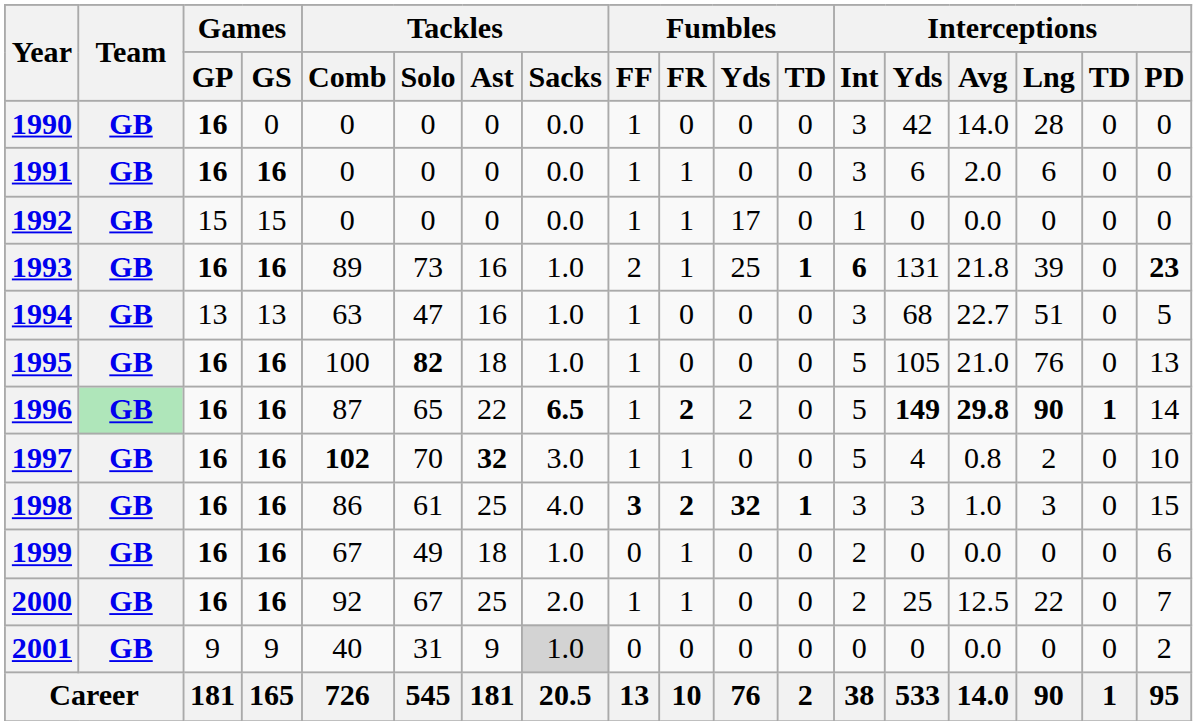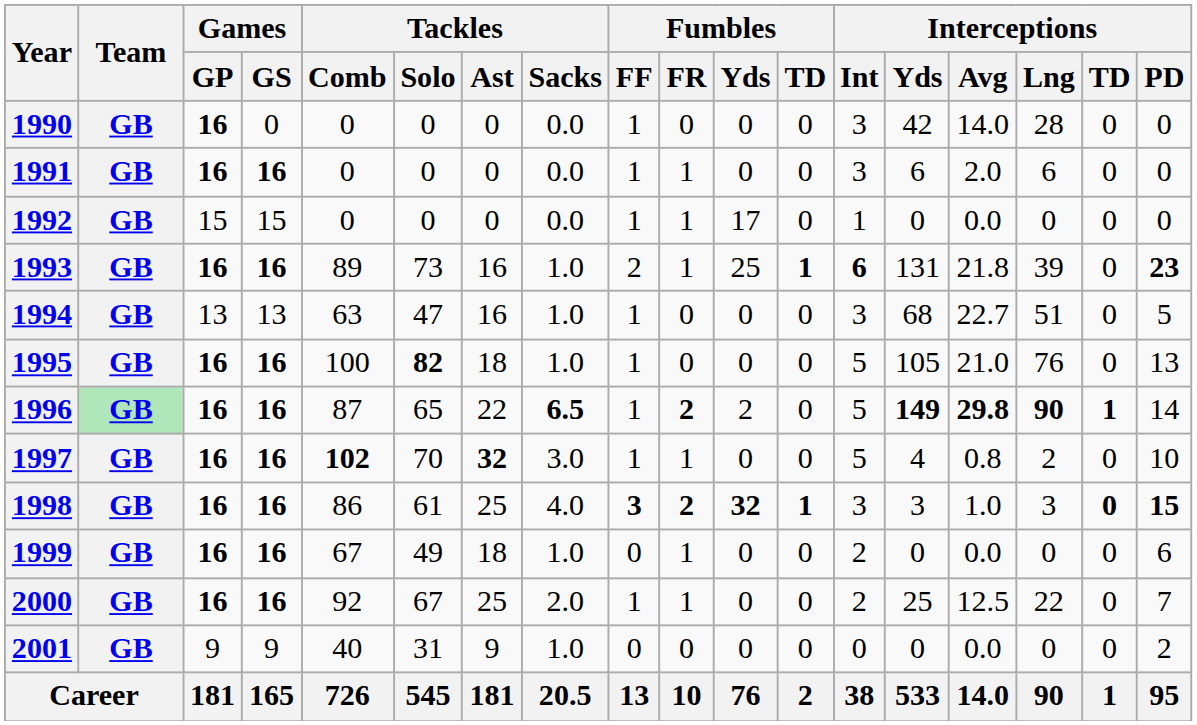 <table class="wikitable" style="text-align:center;">
 <tr>
 <th rowspan="2">Year</th>
 <th rowspan="2">Team</th>
 <th colspan="2">Games</th>
 <th colspan="4">Tackles</th>
 <th colspan="4">Fumbles</th>
 <th colspan="6">Interceptions</th>
 </tr>
 <tr>
 <th>GP</th>
 <th>GS</th>
 <th>Comb</th>
 <th>Solo</th>
 <th>Ast</th>
 <th>Sacks</th>
 <th>FF</th>
 <th>FR</th>
 <th>Yds</th>
 <th>TD</th>
 <th>Int</th>
 <th>Yds</th>
 <th>Avg</th>
 <th>Lng</th>
 <th>TD</th>
 <th>PD</th>
 </tr>
 <tr>
 <th><a href='#'>1990</a></th>
 <th><a href='#'>GB</a></th>
 <td><strong>16</strong></td>
 <td>0</td>
 <td>0</td>
 <td>0</td>
 <td>0</td>
 <td>0.0</td>
 <td>1</td>
 <td>0</td>
 <td>0</td>
 <td>0</td>
 <td>3</td>
 <td>42</td>
 <td>14.0</td>
 <td>28</td>
 <td>0</td>
 <td>0</td>
 </tr>
 <tr>
 <th><a href='#'>1991</a></th>
 <th><a href='#'>GB</a></th>
 <td><strong>16</strong></td>
 <td><strong>16</strong></td>
 <td>0</td>
 <td>0</td>
 <td>0</td>
 <td>0.0</td>
 <td>1</td>
 <td>1</td>
 <td>0</td>
 <td>0</td>
 <td>3</td>
 <td>6</td>
 <td>2.0</td>
 <td>6</td>
 <td>0</td>
 <td>0</td>
 </tr>
 <tr>
 <th><a href='#'>1992</a></th>
 <th><a href='#'>GB</a></th>
 <td>15</td>
 <td>15</td>
 <td>0</td>
 <td>0</td>
 <td>0</td>
 <td>0.0</td>
 <td>1</td>
 <td>1</td>
 <td>17</td>
 <td>0</td>
 <td>1</td>
 <td>0</td>
 <td>0.0</td>
 <td>0</td>
 <td>0</td>
 <td>0</td>
 </tr>
 <tr>
 <th><a href='#'>1993</a></th>
 <th><a href='#'>GB</a></th>
 <td><strong>16</strong></td>
 <td><strong>16</strong></td>
 <td>89</td>
 <td>73</td>
 <td>16</td>
 <td>1.0</td>
 <td>2</td>
 <td>1</td>
 <td>25</td>
 <td><strong>1</strong></td>
 <td><strong>6</strong></td>
 <td>131</td>
 <td>21.8</td>
 <td>39</td>
 <td>0</td>
 <td><strong>23</strong></td>
 </tr>
 <tr>
 <th><a href='#'>1994</a></th>
 <th><a href='#'>GB</a></th>
 <td>13</td>
 <td>13</td>
 <td>63</td>
 <td>47</td>
 <td>16</td>
 <td>1.0</td>
 <td>1</td>
 <td>0</td>
 <td>0</td>
 <td>0</td>
 <td>3</td>
 <td>68</td>
 <td>22.7</td>
 <td>51</td>
 <td>0</td>
 <td>5</td>
 </tr>
 <tr>
 <th><a href='#'>1995</a></th>
 <th><a href='#'>GB</a></th>
 <td><strong>16</strong></td>
 <td><strong>16</strong></td>
 <td>100</td>
 <td><strong>82</strong></td>
 <td>18</td>
 <td>1.0</td>
 <td>1</td>
 <td>0</td>
 <td>0</td>
 <td>0</td>
 <td>5</td>
 <td>105</td>
 <td>21.0</td>
 <td>76</td>
 <td>0</td>
 <td>13</td>
 </tr>
 <tr>
 <th><a href='#'>1996</a></th>
 <th style="background:#afe6ba; width:3em;"><a href='#'>GB</a></th>
 <td><strong>16</strong></td>
 <td><strong>16</strong></td>
 <td>87</td>
 <td>65</td>
 <td>22</td>
 <td><strong>6.5</strong></td>
 <td>1</td>
 <td><strong>2</strong></td>
 <td>2</td>
 <td>0</td>
 <td>5</td>
 <td><strong>149</strong></td>
 <td><strong>29.8</strong></td>
 <td><strong>90</strong></td>
 <td><strong>1</strong></td>
 <td>14</td>
 </tr>
 <tr>
 <th><a href='#'>1997</a></th>
 <th><a href='#'>GB</a></th>
 <td><strong>16</strong></td>
 <td><strong>16</strong></td>
 <td><strong>102</strong></td>
 <td>70</td>
 <td><strong>32</strong></td>
 <td>3.0</td>
 <td>1</td>
 <td>1</td>
 <td>0</td>
 <td>0</td>
 <td>5</td>
 <td>4</td>
 <td>0.8</td>
 <td>2</td>
 <td>0</td>
 <td>10</td>
 </tr>
 <tr>
 <th><a href='#'>1998</a></th>
 <th><a href='#'>GB</a></th>
 <td><strong>16</strong></td>
 <td><strong>16</strong></td>
 <td>86</td>
 <td>61</td>
 <td>25</td>
 <td>4.0</td>
 <td><strong>3</strong></td>
 <td><strong>2</strong></td>
 <td><strong>32</strong></td>
 <td><strong>1</strong></td>
 <td>3</td>
 <td>3</td>
 <td>1.0</td>
 <td>3</td>
-<td>0</td>
-<td>15</td>
+<td><strong>0</strong></td>
+<td><strong>15</strong></td>
 </tr>
 <tr>
 <th><a href='#'>1999</a></th>
 <th><a href='#'>GB</a></th>
 <td><strong>16</strong></td>
 <td><strong>16</strong></td>
 <td>67</td>
 <td>49</td>
 <td>18</td>
 <td>1.0</td>
 <td>0</td>
 <td>1</td>
 <td>0</td>
 <td>0</td>
 <td>2</td>
 <td>0</td>
 <td>0.0</td>
 <td>0</td>
 <td>0</td>
 <td>6</td>
 </tr>
 <tr>
 <th><a href='#'>2000</a></th>
 <th><a href='#'>GB</a></th>
 <td><strong>16</strong></td>
 <td><strong>16</strong></td>
 <td>92</td>
 <td>67</td>
 <td>25</td>
 <td>2.0</td>
 <td>1</td>
 <td>1</td>
 <td>0</td>
 <td>0</td>
 <td>2</td>
 <td>25</td>
 <td>12.5</td>
 <td>22</td>
 <td>0</td>
 <td>7</td>
 </tr>
 <tr>
 <th><a href='#'>2001</a></th>
 <th><a href='#'>GB</a></th>
 <td>9</td>
 <td>9</td>
 <td>40</td>
 <td>31</td>
 <td>9</td>
-<td style="background: lightgrey;">1.0</td>
+<td>1.0</td>
 <td>0</td>
 <td>0</td>
 <td>0</td>
 <td>0</td>
 <td>0</td>
 <td>0</td>
 <td>0.0</td>
 <td>0</td>
 <td>0</td>
 <td>2</td>
 </tr>
 <tr>
 <th colspan="2">Career</th>
 <th>181</th>
 <th>165</th>
 <th>726</th>
 <th>545</th>
 <th>181</th>
 <th>20.5</th>
 <th>13</th>
 <th>10</th>
 <th>76</th>
 <th>2</th>
 <th>38</th>
 <th>533</th>
 <th>14.0</th>
 <th>90</th>
 <th>1</th>
 <th>95</th>
 </tr>
 </table>
